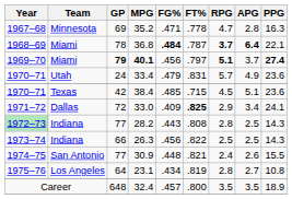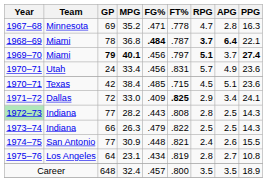 <table class="wikitable sortable" style="font-size:95%; text-align:right;">
 <tr>
 <th>Year</th>
 <th>Team</th>
 <th>GP</th>
 <th>MPG</th>
 <th>FG%</th>
 <th>FT%</th>
 <th>RPG</th>
 <th>APG</th>
 <th>PPG</th>
 </tr>
 <tr>
 <td style="text-align:left;"><a href='#'>1967–68</a></td>
 <td style="text-align:left;"><a href='#'>Minnesota</a></td>
 <td>69</td>
 <td>35.2</td>
 <td>.471</td>
 <td>.778</td>
 <td>4.7</td>
 <td>2.8</td>
 <td>16.3</td>
 </tr>
 <tr>
 <td style="text-align:left;"><a href='#'>1968–69</a></td>
 <td style="text-align:left;"><a href='#'>Miami</a></td>
 <td>78</td>
 <td>36.8</td>
 <td><strong>.484</strong></td>
 <td>.787</td>
 <td><strong>3.7</strong></td>
 <td><strong>6.4</strong></td>
 <td>22.1</td>
 </tr>
 <tr>
 <td style="text-align:left;"><a href='#'>1969–70</a></td>
 <td style="text-align:left;"><a href='#'>Miami</a></td>
 <td><strong>79</strong></td>
 <td><strong>40.1</strong></td>
 <td>.456</td>
 <td>.797</td>
 <td><strong>5.1</strong></td>
 <td>3.7</td>
 <td><strong>27.4</strong></td>
 </tr>
 <tr>
 <td style="text-align:left;"><a href='#'>1970–71</a></td>
 <td style="text-align:left;"><a href='#'>Utah</a></td>
 <td>24</td>
 <td>33.4</td>
-<td>.479</td>
+<td>.456</td>
 <td>.831</td>
 <td>5.7</td>
 <td>4.9</td>
 <td>23.6</td>
 </tr>
 <tr>
 </tr>
 <tr>
 <td style="text-align:left;"><a href='#'>1970–71</a></td>
 <td style="text-align:left;"><a href='#'>Texas</a></td>
 <td>42</td>
 <td>38.4</td>
 <td>.485</td>
 <td>.715</td>
 <td>4.5</td>
 <td>5.1</td>
 <td>23.6</td>
 </tr>
 <tr>
 <td style="text-align:left;"><a href='#'>1971–72</a></td>
 <td style="text-align:left;"><a href='#'>Dallas</a></td>
 <td>72</td>
 <td>33.0</td>
 <td>.409</td>
 <td><strong>.825</strong></td>
 <td>2.9</td>
 <td>3.4</td>
 <td>24.1</td>
 </tr>
 <tr>
 <td style="text-align:left;background:#afe6ba;"><a href='#'>1972–73</a></td>
 <td style="text-align:left;"><a href='#'>Indiana</a></td>
 <td>77</td>
 <td>28.2</td>
 <td>.443</td>
 <td>.808</td>
 <td>2.8</td>
 <td>2.5</td>
 <td>14.3</td>
 </tr>
 <tr>
 <td style="text-align:left;"><a href='#'>1973–74</a></td>
 <td style="text-align:left;"><a href='#'>Indiana</a></td>
 <td>66</td>
 <td>26.3</td>
-<td>.456</td>
+<td>.479</td>
 <td>.822</td>
 <td>2.5</td>
 <td>2.5</td>
 <td>14.3</td>
 </tr>
 <tr>
 <td style="text-align:left;"><a href='#'>1974–75</a></td>
 <td style="text-align:left;"><a href='#'>San Antonio</a></td>
 <td>77</td>
 <td>30.9</td>
 <td>.448</td>
 <td>.821</td>
 <td>2.4</td>
 <td>2.6</td>
 <td>15.5</td>
 </tr>
 <tr>
 <td style="text-align:left;"><a href='#'>1975–76</a></td>
 <td style="text-align:left;"><a href='#'>Los Angeles</a></td>
 <td>64</td>
 <td>23.1</td>
 <td>.434</td>
 <td>.819</td>
 <td>2.8</td>
 <td>2.7</td>
 <td>10.8</td>
 </tr>
 <tr>
 </tr>
 <tr class="sortbottom">
 <td style="text-align:center;" colspan="2">Career</td>
 <td>648</td>
 <td>32.4</td>
 <td>.457</td>
 <td>.800</td>
 <td>3.5</td>
 <td>3.5</td>
 <td>18.9</td>
 </tr>
 <tr>
 </tr>
 </table>
